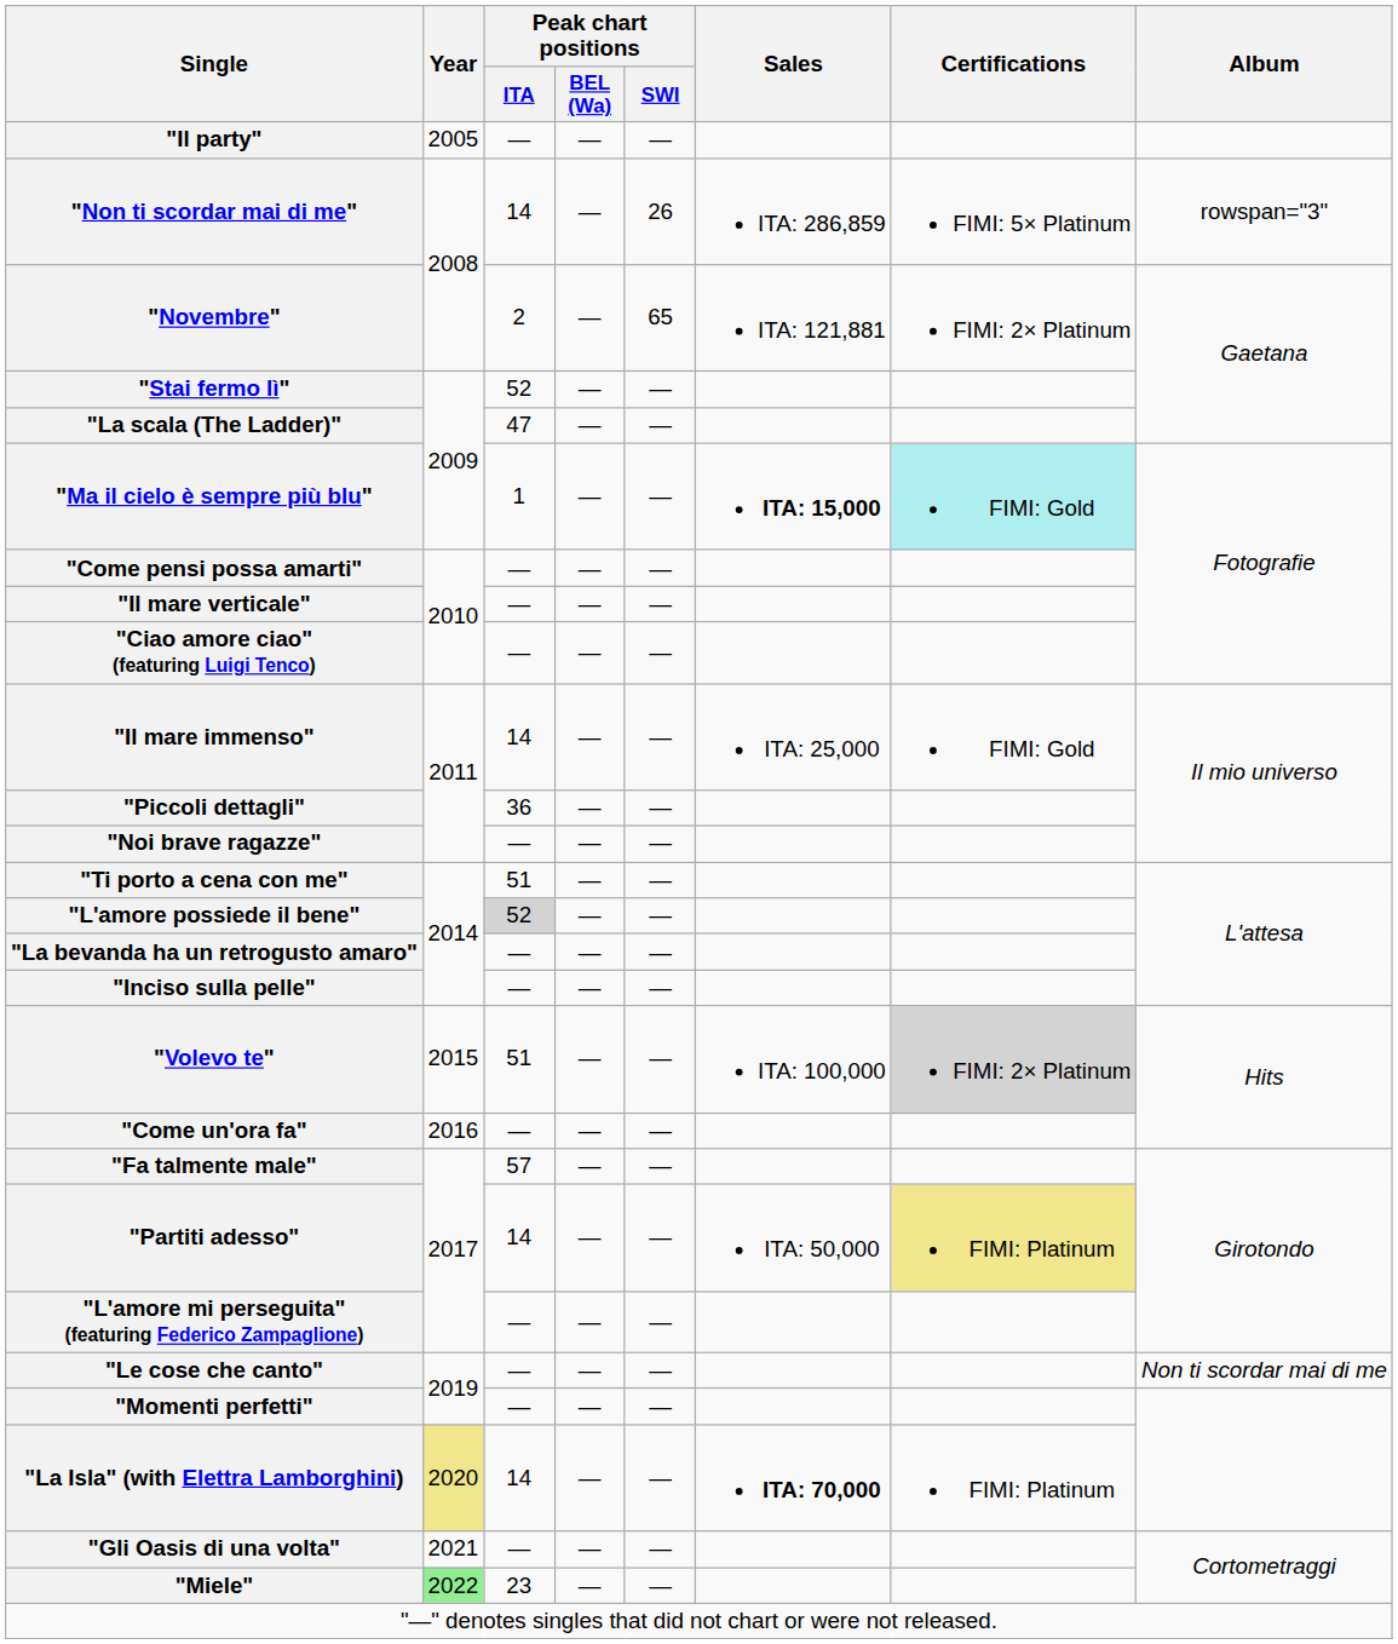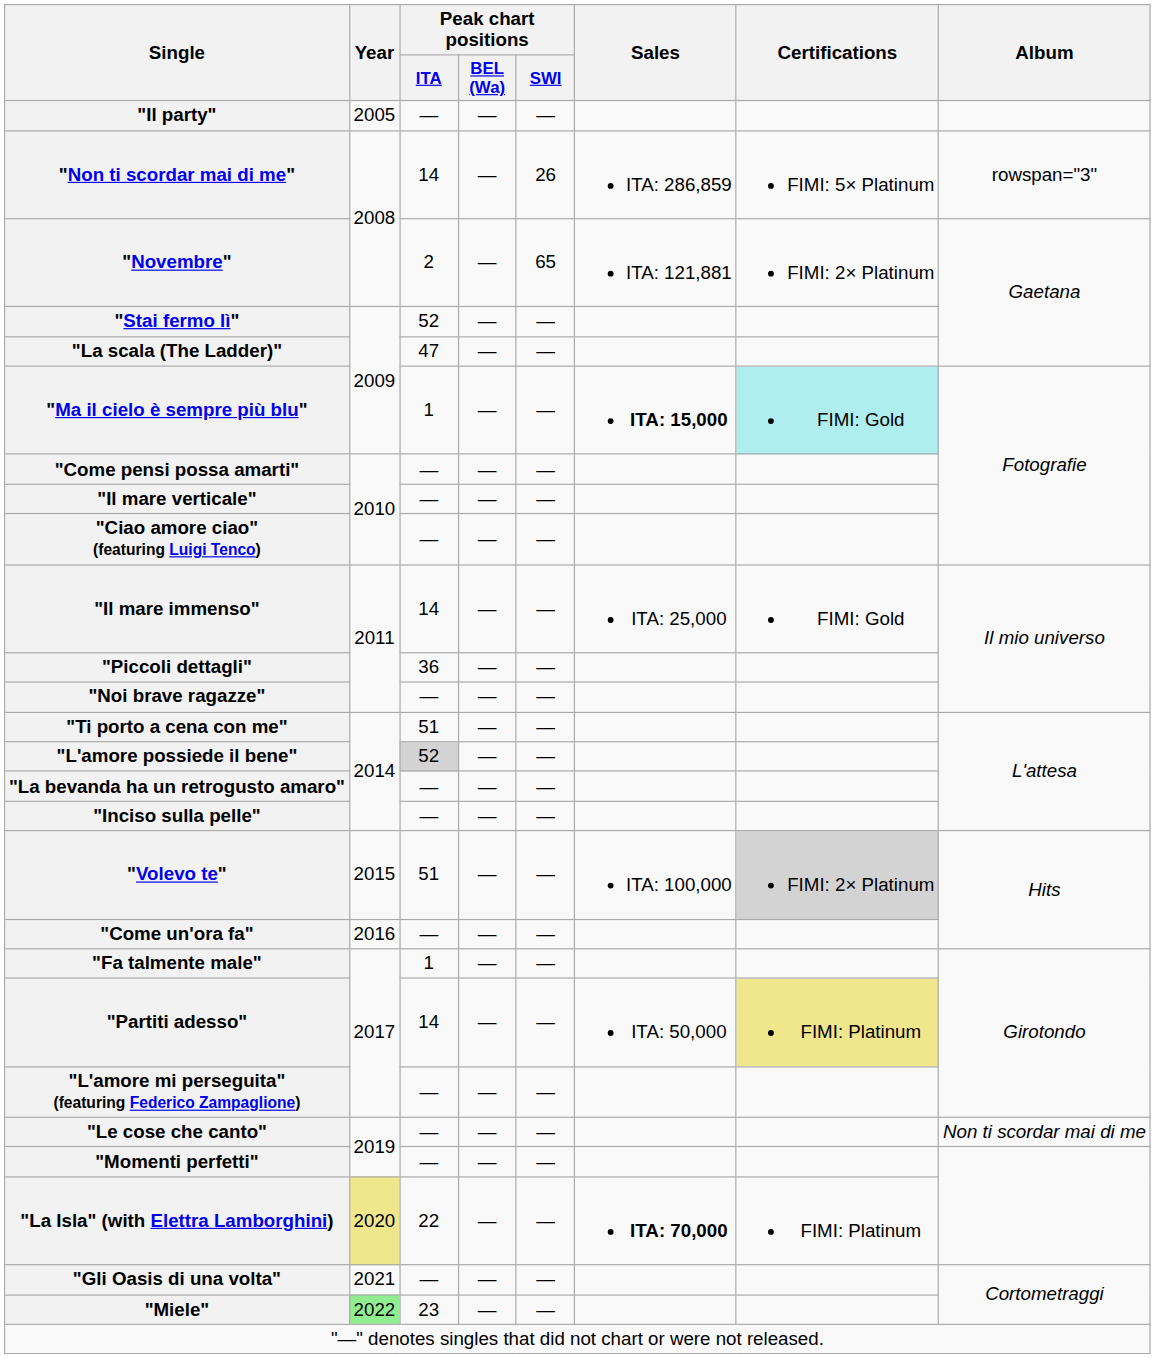 <table class="wikitable plainrowheaders" style="text-align:center;" border="1">
 <tr>
 <th rowspan="2" scope="column">Single</th>
 <th rowspan="2" scope="column">Year</th>
 <th colspan="3">Peak chart<br>positions</th>
 <th rowspan="2" scope="column">Sales</th>
 <th rowspan="2" scope="column">Certifications</th>
 <th rowspan="2" style="text-align:center;">Album</th>
 </tr>
 <tr>
 <th scope="col" style="width:3em;font-size:90%;"><a href='#'>ITA</a><br></th>
 <th scope="col" style="width:3em;font-size:90%;"><a href='#'>BEL (Wa)</a><br></th>
 <th scope="col" style="width:3em;font-size:90%;"><a href='#'>SWI</a><br></th>
 </tr>
 <tr>
 <th scope="row">"Il party"</th>
 <td>2005</td>
 <td>—</td>
 <td>—</td>
 <td>—</td>
 <td></td>
 <td></td>
 <td></td>
 </tr>
 <tr>
 <th scope="row">"<a href='#'>Non ti scordar mai di me</a>"</th>
 <td rowspan="2">2008</td>
 <td>14</td>
 <td>—</td>
 <td>26</td>
 <td><br><ul><li>ITA: 286,859</li></ul></td>
 <td><br><ul><li>FIMI: 5× Platinum</li></ul></td>
 <td>rowspan="3" </td>
 </tr>
 <tr>
 <th scope="row">"<a href='#'>Novembre</a>"</th>
 <td>2</td>
 <td>—</td>
 <td>65</td>
 <td><br><ul><li>ITA: 121,881</li></ul></td>
 <td><br><ul><li>FIMI: 2× Platinum</li></ul></td>
 <td rowspan="3"><em>Gaetana</em></td>
 </tr>
 <tr>
 <th scope="row">"<a href='#'>Stai fermo lì</a>"</th>
 <td rowspan="3">2009</td>
 <td>52</td>
 <td>—</td>
 <td>—</td>
 <td></td>
 <td></td>
 </tr>
 <tr>
 <th scope="row">"La scala (The Ladder)"</th>
 <td>47</td>
 <td>—</td>
 <td>—</td>
 <td></td>
 <td></td>
 </tr>
 <tr>
 <th scope="row">"<a href='#'>Ma il cielo è sempre più blu</a>"</th>
 <td>1</td>
 <td>—</td>
 <td>—</td>
 <td><strong><br><ul><li>ITA: 15,000</li></ul></strong></td>
 <td style="background: paleturquoise;"><br><ul><li>FIMI: Gold</li></ul></td>
 <td rowspan="4"><em>Fotografie</em></td>
 </tr>
 <tr>
 <th scope="row">"Come pensi possa amarti"</th>
 <td rowspan="3">2010</td>
 <td>—</td>
 <td>—</td>
 <td>—</td>
 <td></td>
 <td></td>
 </tr>
 <tr>
 <th scope="row">"Il mare verticale"</th>
 <td>—</td>
 <td>—</td>
 <td>—</td>
 <td></td>
 <td></td>
 </tr>
 <tr>
 <th scope="row">"Ciao amore ciao"<br><small>(featuring <a href='#'>Luigi Tenco</a>)</small></th>
 <td>—</td>
 <td>—</td>
 <td>—</td>
 <td></td>
 <td></td>
 </tr>
 <tr>
 <th scope="row">"Il mare immenso"</th>
 <td rowspan="3">2011</td>
 <td>14</td>
 <td>—</td>
 <td>—</td>
 <td><br><ul><li>ITA: 25,000</li></ul></td>
 <td><br><ul><li>FIMI: Gold</li></ul></td>
 <td rowspan="3"><em>Il mio universo</em></td>
 </tr>
 <tr>
 <th scope="row">"Piccoli dettagli"</th>
 <td>36</td>
 <td>—</td>
 <td>—</td>
 <td></td>
 <td></td>
 </tr>
 <tr>
 <th scope="row">"Noi brave ragazze"</th>
 <td>—</td>
 <td>—</td>
 <td>—</td>
 <td></td>
 <td></td>
 </tr>
 <tr>
 <th scope="row">"Ti porto a cena con me"</th>
 <td rowspan="4">2014</td>
 <td>51</td>
 <td>—</td>
 <td>—</td>
 <td></td>
 <td></td>
 <td rowspan="4"><em>L'attesa</em></td>
 </tr>
 <tr>
 <th scope="row">"L'amore possiede il bene"</th>
 <td style="background: lightgrey;">52</td>
 <td>—</td>
 <td>—</td>
 <td></td>
 <td></td>
 </tr>
 <tr>
 <th scope="row">"La bevanda ha un retrogusto amaro"</th>
 <td>—</td>
 <td>—</td>
 <td>—</td>
 <td></td>
 <td></td>
 </tr>
 <tr>
 <th scope="row">"Inciso sulla pelle"</th>
 <td>—</td>
 <td>—</td>
 <td>—</td>
 <td></td>
 <td></td>
 </tr>
 <tr>
 <th scope="row">"<a href='#'>Volevo te</a>"</th>
 <td>2015</td>
 <td>51</td>
 <td>—</td>
 <td>—</td>
 <td><br><ul><li>ITA: 100,000</li></ul></td>
 <td style="background: lightgrey;"><br><ul><li>FIMI: 2× Platinum</li></ul></td>
 <td rowspan="2"><em>Hits</em></td>
 </tr>
 <tr>
 <th scope="row">"Come un'ora fa"</th>
 <td>2016</td>
 <td>—</td>
 <td>—</td>
 <td>—</td>
 <td></td>
 </tr>
 <tr>
 <th scope="row">"Fa talmente male"</th>
 <td rowspan="3">2017</td>
-<td>57</td>
+<td>1</td>
 <td>—</td>
 <td>—</td>
 <td></td>
 <td></td>
 <td rowspan="3"><em>Girotondo</em></td>
 </tr>
 <tr>
 <th scope="row">"Partiti adesso"</th>
 <td>14</td>
 <td>—</td>
 <td>—</td>
 <td><br><ul><li>ITA: 50,000</li></ul></td>
 <td style="background: khaki;"><br><ul><li>FIMI: Platinum</li></ul></td>
 </tr>
 <tr>
 <th scope="row">"L'amore mi perseguita"<br><small>(featuring <a href='#'>Federico Zampaglione</a>)</small></th>
 <td>—</td>
 <td>—</td>
 <td>—</td>
 <td></td>
 </tr>
 <tr>
 <th scope="row">"Le cose che canto"</th>
 <td rowspan="2">2019</td>
 <td>—</td>
 <td>—</td>
 <td>—</td>
 <td></td>
 <td></td>
 <td><em>Non ti scordar mai di me</em></td>
 </tr>
 <tr>
 <th scope="row">"Momenti perfetti"</th>
 <td>—</td>
 <td>—</td>
 <td>—</td>
 <td></td>
 <td></td>
 </tr>
 <tr>
 <th scope="row">"La Isla" (with <a href='#'>Elettra Lamborghini</a>)</th>
 <td style="background: khaki;">2020</td>
-<td>14</td>
+<td>22</td>
 <td>—</td>
 <td>—</td>
 <td><strong><br><ul><li>ITA: 70,000</li></ul></strong></td>
 <td><br><ul><li>FIMI: Platinum</li></ul></td>
 </tr>
 <tr>
 <th scope="row">"Gli Oasis di una volta"</th>
 <td rowspan="1">2021</td>
 <td>—</td>
 <td>—</td>
 <td>—</td>
 <td></td>
 <td></td>
 <td rowspan="2"><em>Cortometraggi</em></td>
 </tr>
 <tr>
 <th scope="row">"Miele"</th>
 <td style="background: lightgreen;">2022</td>
 <td>23<br></td>
 <td>—</td>
 <td>—</td>
 <td></td>
 <td></td>
 </tr>
 <tr>
 <td colspan="20">"—" denotes singles that did not chart or were not released.</td>
 </tr>
 </table>
